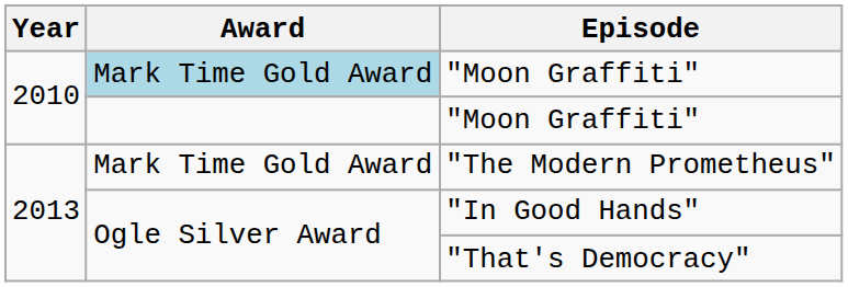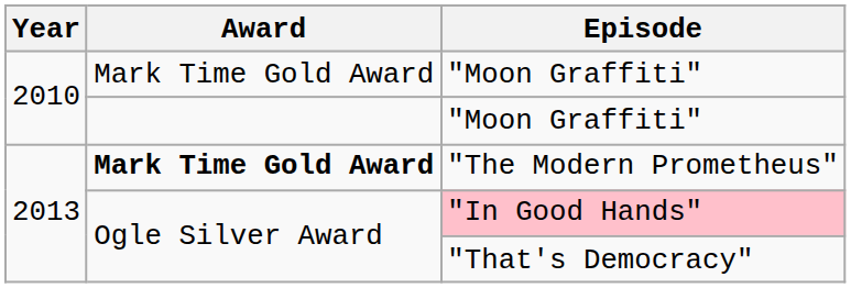 <table class="wikitable">
 <tr>
 <th>Year</th>
 <th>Award</th>
 <th>Episode</th>
 </tr>
 <tr>
 <td rowspan="2">2010</td>
-<td style="background: lightblue;">Mark Time Gold Award</td>
+<td>Mark Time Gold Award</td>
 <td>"Moon Graffiti"</td>
 </tr>
 <tr>
 <td></td>
 <td>"Moon Graffiti"</td>
 </tr>
 <tr>
 <td rowspan="3">2013</td>
-<td>Mark Time Gold Award</td>
+<td><strong>Mark Time Gold Award</strong></td>
 <td>"The Modern Prometheus"</td>
 </tr>
 <tr>
 <td rowspan="2">Ogle Silver Award</td>
-<td>"In Good Hands"</td>
+<td style="background: pink;">"In Good Hands"</td>
 </tr>
 <tr>
 <td>"That's Democracy"</td>
 </tr>
 </table>
